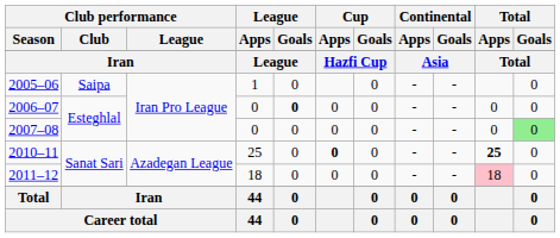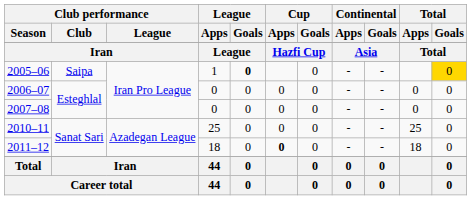 <table class="wikitable" style="text-align:center">
 <tr>
 <th colspan=3>Club performance</th>
 <th colspan=2>League</th>
 <th colspan=2>Cup</th>
 <th colspan=2>Continental</th>
 <th colspan=2>Total</th>
 </tr>
 <tr>
 <th>Season</th>
 <th>Club</th>
 <th>League</th>
 <th>Apps</th>
 <th>Goals</th>
 <th>Apps</th>
 <th>Goals</th>
 <th>Apps</th>
 <th>Goals</th>
 <th>Apps</th>
 <th>Goals</th>
 </tr>
 <tr>
 </tr>
 <tr>
 <th colspan=3>Iran</th>
 <th colspan=2>League</th>
 <th colspan=2><a href='#'>Hazfi Cup</a></th>
 <th colspan=2><a href='#'>Asia</a></th>
 <th colspan=2>Total</th>
 </tr>
 <tr>
 <td><a href='#'>2005–06</a></td>
 <td rowspan="1"><a href='#'>Saipa</a></td>
 <td rowspan="3"><a href='#'>Iran Pro League</a></td>
 <td>1</td>
-<td>0</td>
+<td><strong>0</strong></td>
 <td></td>
 <td>0</td>
 <td>-</td>
 <td>-</td>
 <td></td>
-<td>0</td>
+<td style="background: gold;">0</td>
 </tr>
 <tr>
 <td><a href='#'>2006–07</a></td>
 <td rowspan="2"><a href='#'>Esteghlal</a></td>
 <td>0</td>
-<td><strong>0</strong></td>
+<td>0</td>
 <td>0</td>
 <td>0</td>
 <td>-</td>
 <td>-</td>
 <td>0</td>
 <td>0</td>
 </tr>
 <tr>
 <td><a href='#'>2007–08</a></td>
 <td>0</td>
 <td>0</td>
 <td>0</td>
 <td>0</td>
 <td>-</td>
 <td>-</td>
 <td>0</td>
-<td style="background: lightgreen;">0</td>
+<td>0</td>
 </tr>
 <tr>
 <td><a href='#'>2010–11</a></td>
 <td rowspan="2"><a href='#'>Sanat Sari</a></td>
 <td rowspan="2"><a href='#'>Azadegan League</a></td>
 <td>25</td>
 <td>0</td>
-<td><strong>0</strong></td>
+<td>0</td>
 <td>0</td>
 <td>-</td>
 <td>-</td>
-<td><strong>25</strong></td>
+<td>25</td>
 <td>0</td>
 </tr>
 <tr>
 <td><a href='#'>2011–12</a></td>
 <td>18</td>
 <td>0</td>
-<td>0</td>
+<td><strong>0</strong></td>
 <td>0</td>
 <td>-</td>
 <td>-</td>
-<td style="background: pink;">18</td>
+<td>18</td>
 <td>0</td>
 </tr>
 <tr>
 </tr>
 <tr>
 <th rowspan=1>Total</th>
 <th colspan=2>Iran</th>
 <th>44</th>
 <th>0</th>
 <th></th>
 <th>0</th>
 <th>0</th>
 <th>0</th>
 <th></th>
 <th>0</th>
 </tr>
 <tr>
 <th colspan=3>Career total</th>
 <th>44</th>
 <th>0</th>
 <th></th>
 <th>0</th>
 <th>0</th>
 <th>0</th>
 <th></th>
 <th>0</th>
 </tr>
 </table>
